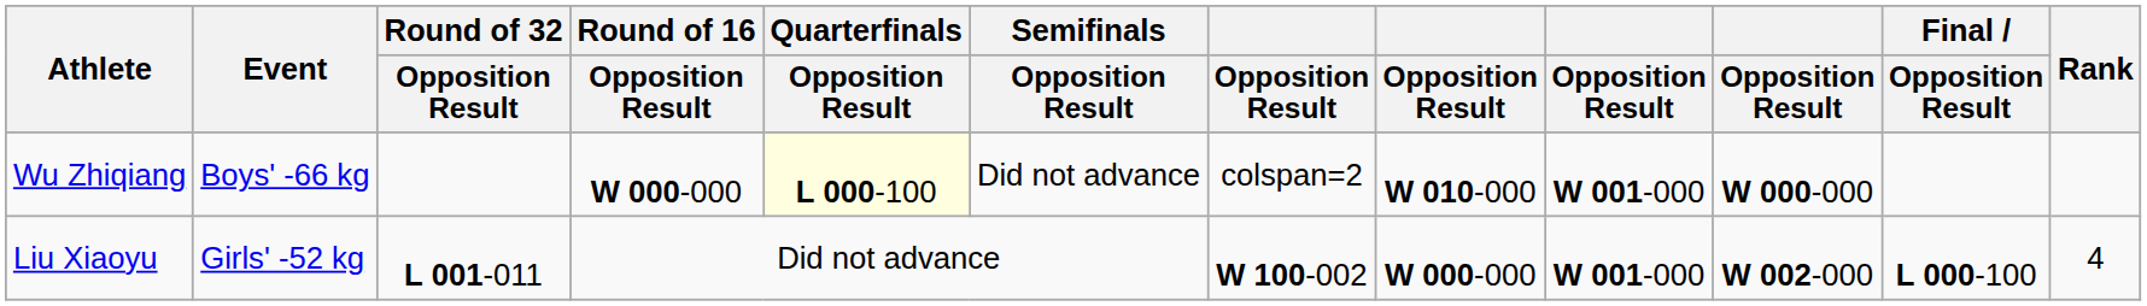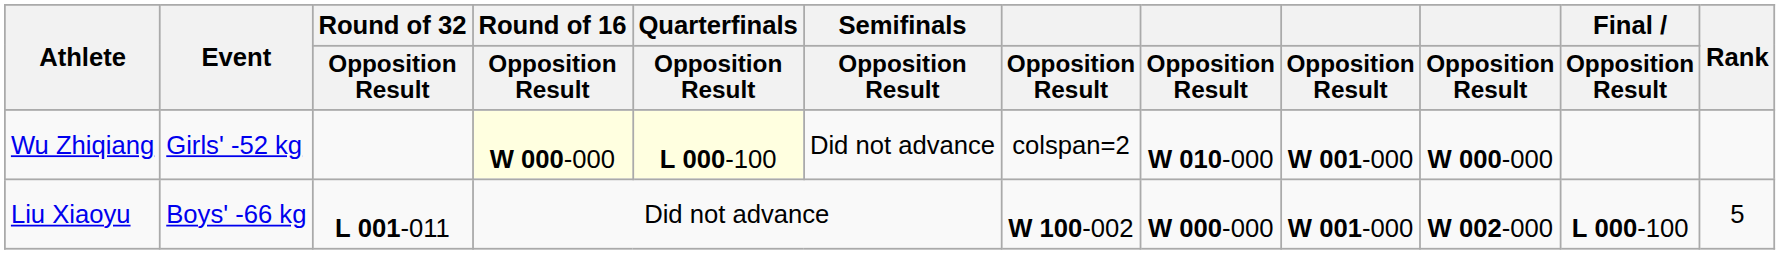 <table class="wikitable" style="font-size:90%">
 <tr>
 <th rowspan="2">Athlete</th>
 <th rowspan="2">Event</th>
 <th>Round of 32</th>
 <th>Round of 16</th>
 <th>Quarterfinals</th>
 <th>Semifinals</th>
 <th></th>
 <th></th>
 <th></th>
 <th></th>
 <th>Final / </th>
 <th rowspan=2>Rank</th>
 </tr>
 <tr style="font-size:95%">
 <th>Opposition<br>Result</th>
 <th>Opposition<br>Result</th>
 <th>Opposition<br>Result</th>
 <th>Opposition<br>Result</th>
 <th>Opposition<br>Result</th>
 <th>Opposition<br>Result</th>
 <th>Opposition<br>Result</th>
 <th>Opposition<br>Result</th>
 <th>Opposition<br>Result</th>
 </tr>
 <tr align=center>
 <td align=left><a href='#'>Wu Zhiqiang</a></td>
-<td align=left><a href='#'>Boys' -66 kg</a></td>
+<td align=left><a href='#'>Girls' -52 kg</a></td>
 <td></td>
-<td><br><strong>W</strong> <strong>000</strong>-000</td>
+<td style="background: lightyellow;"><br><strong>W</strong> <strong>000</strong>-000</td>
 <td style="background: lightyellow;"><br><strong>L</strong> <strong>000</strong>-100</td>
 <td>Did not advance</td>
 <td>colspan=2 </td>
 <td><br><strong>W</strong> <strong>010</strong>-000</td>
 <td><br><strong>W</strong> <strong>001</strong>-000</td>
 <td><br><strong>W</strong> <strong>000</strong>-000</td>
 <td></td>
 </tr>
 <tr align=center>
 <td align=left><a href='#'>Liu Xiaoyu</a></td>
-<td align=left><a href='#'>Girls' -52 kg</a></td>
+<td align=left><a href='#'>Boys' -66 kg</a></td>
 <td><br><strong>L</strong> <strong>001</strong>-011</td>
 <td colspan=3>Did not advance</td>
 <td><br><strong>W</strong> <strong>100</strong>-002</td>
 <td><br><strong>W</strong> <strong>000</strong>-000</td>
 <td><br><strong>W</strong> <strong>001</strong>-000</td>
 <td><br><strong>W</strong> <strong>002</strong>-000</td>
 <td><br><strong>L</strong> <strong>000</strong>-100</td>
-<td>4</td>
+<td>5</td>
 </tr>
 </table>
